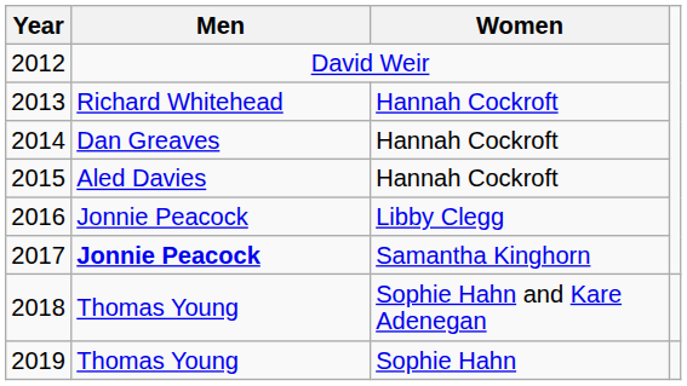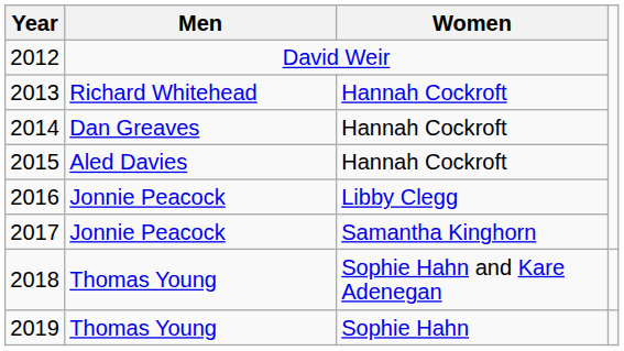 <table class="wikitable" style="font-size: 95%">
 <tr>
 <th style="width:30px;">Year</th>
 <th style="width:180px;">Men</th>
 <th style="width:180px;">Women</th>
 </tr>
 <tr>
 <td>2012</td>
 <td colspan="2" style="text-align: center;"><a href='#'>David Weir</a></td>
 </tr>
 <tr>
 <td>2013</td>
 <td><a href='#'>Richard Whitehead</a></td>
 <td><a href='#'>Hannah Cockroft</a></td>
 </tr>
 <tr>
 <td>2014</td>
 <td><a href='#'>Dan Greaves</a></td>
 <td>Hannah Cockroft</td>
 </tr>
 <tr>
 <td>2015</td>
 <td><a href='#'>Aled Davies</a></td>
 <td>Hannah Cockroft</td>
 </tr>
 <tr>
 <td>2016</td>
 <td><a href='#'>Jonnie Peacock</a></td>
 <td><a href='#'>Libby Clegg</a></td>
 </tr>
 <tr>
 <td>2017</td>
-<td><strong><a href='#'>Jonnie Peacock</a></strong></td>
+<td><a href='#'>Jonnie Peacock</a></td>
 <td><a href='#'>Samantha Kinghorn</a></td>
 </tr>
 <tr>
 <td>2018</td>
 <td><a href='#'>Thomas Young</a></td>
 <td><a href='#'>Sophie Hahn</a> and <a href='#'>Kare Adenegan</a></td>
 <td></td>
 </tr>
 <tr>
 <td>2019</td>
 <td><a href='#'>Thomas Young</a></td>
 <td><a href='#'>Sophie Hahn</a></td>
 </tr>
 </table>
